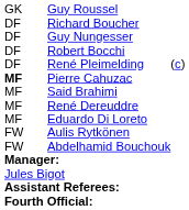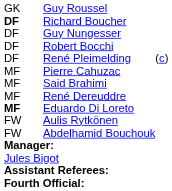 <table style=font-size:90% cellspacing=0 cellpadding=0>
 <tr>
 <td colspan=4></td>
 </tr>
 <tr>
 <th width=25></th>
 <th width=25></th>
 </tr>
 <tr>
 <td>GK</td>
 <td><strong> </strong></td>
 <td> <a href='#'>Guy Roussel</a></td>
 </tr>
 <tr>
-<td>DF</td>
+<td><strong>DF</strong></td>
 <td><strong> </strong></td>
 <td> <a href='#'>Richard Boucher</a></td>
 </tr>
 <tr>
 <td>DF</td>
 <td><strong> </strong></td>
 <td> <a href='#'>Guy Nungesser</a></td>
 </tr>
 <tr>
 <td>DF</td>
 <td><strong> </strong></td>
 <td> <a href='#'>Robert Bocchi</a></td>
 </tr>
 <tr>
 <td>DF</td>
 <td><strong> </strong></td>
 <td> <a href='#'>René Pleimelding</a></td>
 <td>(<a href='#'>c</a>)</td>
 </tr>
 <tr>
-<td><strong>MF</strong></td>
+<td>MF</td>
 <td><strong> </strong></td>
 <td> <a href='#'>Pierre Cahuzac</a></td>
 </tr>
 <tr>
 <td>MF</td>
 <td><strong> </strong></td>
 <td> <a href='#'>Said Brahimi</a></td>
 </tr>
 <tr>
 <td>MF</td>
 <td><strong> </strong></td>
 <td> <a href='#'>René Dereuddre</a></td>
 </tr>
 <tr>
-<td>MF</td>
+<td><strong>MF</strong></td>
 <td><strong> </strong></td>
 <td> <a href='#'>Eduardo Di Loreto</a></td>
 </tr>
 <tr>
 <td>FW</td>
 <td><strong> </strong></td>
 <td> <a href='#'>Aulis Rytkönen</a></td>
 </tr>
 <tr>
 <td>FW</td>
 <td><strong> </strong></td>
 <td> <a href='#'>Abdelhamid Bouchouk</a></td>
 </tr>
 <tr>
 <td colspan=3><strong>Manager:</strong></td>
 </tr>
 <tr>
 <td colspan=4> <a href='#'>Jules Bigot</a><br><strong>Assistant Referees:</strong><br> <strong>Fourth Official:</strong><br></td>
 </tr>
 </table>
